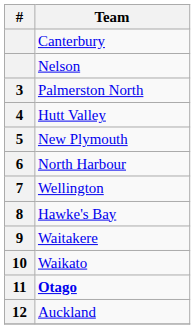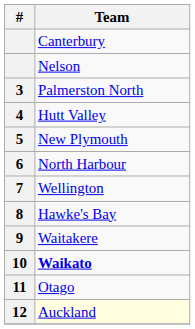 <table class="wikitable" width="15%" style="font-size:95%; text-align:center">
 <tr>
 <th>#</th>
 <th>Team</th>
 </tr>
 <tr>
 <th></th>
 <td align=left><a href='#'>Canterbury</a></td>
 </tr>
 <tr>
 <th></th>
 <td align=left><a href='#'>Nelson</a></td>
 </tr>
 <tr>
 <th>3</th>
 <td align=left><a href='#'>Palmerston North</a></td>
 </tr>
 <tr>
 <th>4</th>
 <td align=left><a href='#'>Hutt Valley</a></td>
 </tr>
 <tr>
 <th>5</th>
 <td align=left><a href='#'>New Plymouth</a></td>
 </tr>
 <tr>
 <th>6</th>
 <td align=left><a href='#'>North Harbour</a></td>
 </tr>
 <tr>
 <th>7</th>
 <td align=left><a href='#'>Wellington</a></td>
 </tr>
 <tr>
 <th>8</th>
 <td align=left><a href='#'>Hawke's Bay</a></td>
 </tr>
 <tr>
 <th>9</th>
 <td align=left><a href='#'>Waitakere</a></td>
 </tr>
 <tr>
 <th>10</th>
-<td align=left><a href='#'>Waikato</a></td>
+<td align=left><strong><a href='#'>Waikato</a></strong></td>
 </tr>
 <tr>
 <th>11</th>
-<td align=left><strong><a href='#'>Otago</a></strong></td>
+<td align=left><a href='#'>Otago</a></td>
 </tr>
 <tr>
 <th>12</th>
-<td align=left><a href='#'>Auckland</a></td>
+<td align=left style="background: lightyellow;"><a href='#'>Auckland</a></td>
 </tr>
 <tr>
 </tr>
 </table>
